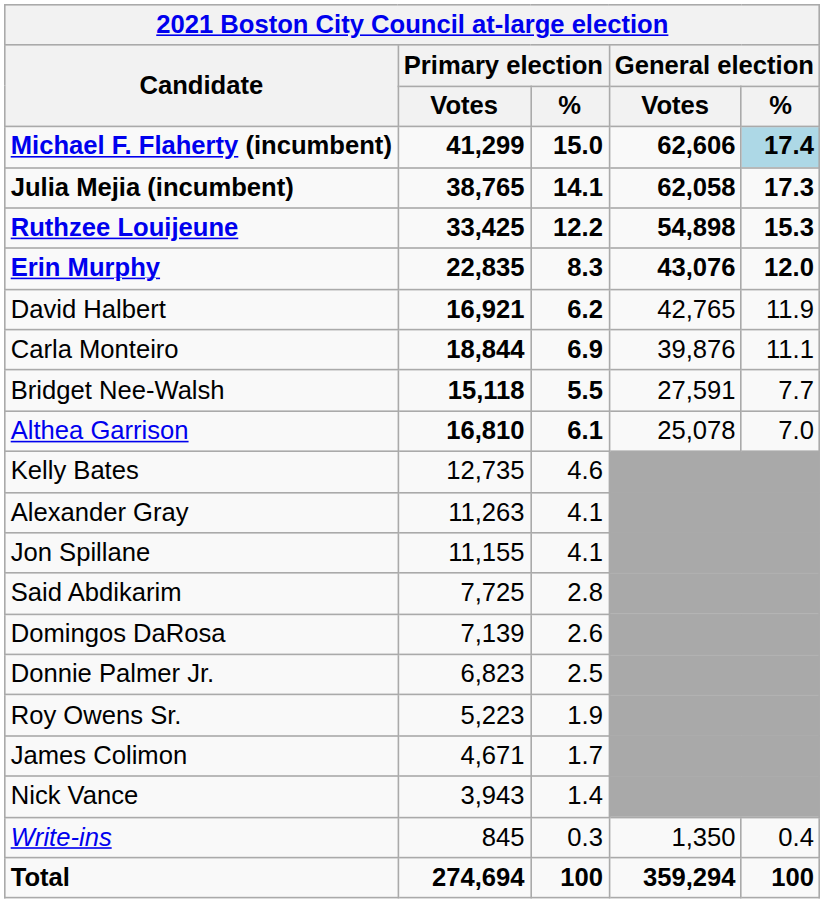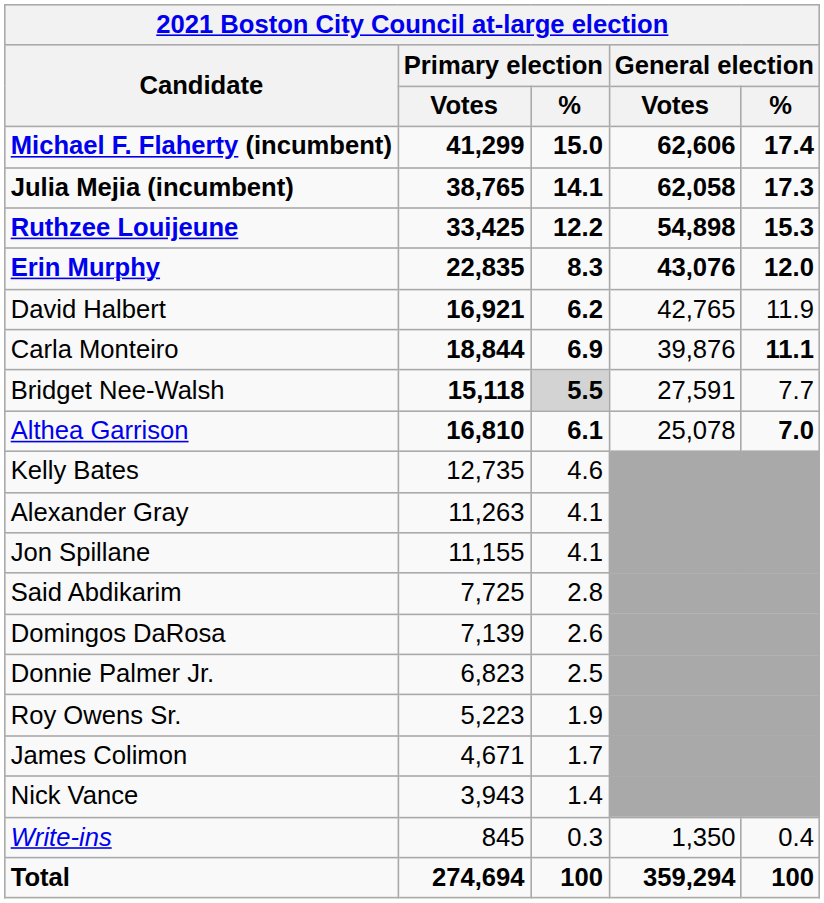 <table class=wikitable>
 <tr>
 <th colspan=5><a href='#'>2021 Boston City Council at-large election</a></th>
 </tr>
 <tr>
 <th colspan=1 rowspan=2>Candidate</th>
 <th colspan=2><strong>Primary election</strong></th>
 <th colspan=2><strong>General election</strong></th>
 </tr>
 <tr>
 <th>Votes</th>
 <th>%</th>
 <th>Votes</th>
 <th>%</th>
 </tr>
 <tr>
 <td><strong><a href='#'>Michael F. Flaherty</a> (incumbent)</strong></td>
 <td align="right"><strong>41,299</strong></td>
 <td align="right"><strong>15.0</strong></td>
 <td align="right"><strong>62,606</strong></td>
-<td align="right" style="background: lightblue;"><strong>17.4</strong></td>
+<td align="right"><strong>17.4</strong></td>
 </tr>
 <tr>
 <td><strong>Julia Mejia (incumbent)</strong></td>
 <td align="right"><strong>38,765</strong></td>
 <td align="right"><strong>14.1</strong></td>
 <td align="right"><strong>62,058</strong></td>
 <td align="right"><strong>17.3</strong></td>
 </tr>
 <tr>
 <td><strong><a href='#'>Ruthzee Louijeune</a></strong></td>
 <td align="right"><strong>33,425</strong></td>
 <td align="right"><strong>12.2</strong></td>
 <td align="right"><strong>54,898</strong></td>
 <td align="right"><strong>15.3</strong></td>
 </tr>
 <tr>
 <td><strong><a href='#'>Erin Murphy</a></strong></td>
 <td align="right"><strong>22,835</strong></td>
 <td align="right"><strong>8.3</strong></td>
 <td align="right"><strong>43,076</strong></td>
 <td align="right"><strong>12.0</strong></td>
 </tr>
 <tr>
 <td>David Halbert</td>
 <td align="right"><strong>16,921</strong></td>
 <td align="right"><strong>6.2</strong></td>
 <td align="right">42,765</td>
 <td align="right">11.9</td>
 </tr>
 <tr>
 <td>Carla Monteiro</td>
 <td align="right"><strong>18,844</strong></td>
 <td align="right"><strong>6.9</strong></td>
 <td align="right">39,876</td>
-<td align="right">11.1</td>
+<td align="right"><strong>11.1</strong></td>
 </tr>
 <tr>
 <td>Bridget Nee-Walsh</td>
 <td align="right"><strong>15,118</strong></td>
-<td align="right"><strong>5.5</strong></td>
+<td align="right" style="background: lightgrey;"><strong>5.5</strong></td>
 <td align="right">27,591</td>
 <td align="right">7.7</td>
 </tr>
 <tr>
 <td><a href='#'>Althea Garrison</a></td>
 <td align="right"><strong>16,810</strong></td>
 <td align="right"><strong>6.1</strong></td>
 <td align="right">25,078</td>
-<td align="right">7.0</td>
+<td align="right"><strong>7.0</strong></td>
 </tr>
 <tr>
 <td>Kelly Bates</td>
 <td align="right">12,735</td>
 <td align="right">4.6</td>
 <td colspan=2 bgcolor=darkgray> </td>
 </tr>
 <tr>
 <td>Alexander Gray</td>
 <td align="right">11,263</td>
 <td align="right">4.1</td>
 <td colspan=2 bgcolor=darkgray> </td>
 </tr>
 <tr>
 <td>Jon Spillane</td>
 <td align="right">11,155</td>
 <td align="right">4.1</td>
 <td colspan=2 bgcolor=darkgray> </td>
 </tr>
 <tr>
 <td>Said Abdikarim</td>
 <td align="right">7,725</td>
 <td align="right">2.8</td>
 <td colspan=2 bgcolor=darkgray> </td>
 </tr>
 <tr>
 <td>Domingos DaRosa</td>
 <td align="right">7,139</td>
 <td align="right">2.6</td>
 <td colspan=2 bgcolor=darkgray> </td>
 </tr>
 <tr>
 <td>Donnie Palmer Jr.</td>
 <td align="right">6,823</td>
 <td align="right">2.5</td>
 <td colspan=2 bgcolor=darkgray> </td>
 </tr>
 <tr>
 <td>Roy Owens Sr.</td>
 <td align="right">5,223</td>
 <td align="right">1.9</td>
 <td colspan=2 bgcolor=darkgray> </td>
 </tr>
 <tr>
 <td>James Colimon</td>
 <td align="right">4,671</td>
 <td align="right">1.7</td>
 <td colspan=2 bgcolor=darkgray> </td>
 </tr>
 <tr>
 <td>Nick Vance</td>
 <td align="right">3,943</td>
 <td align="right">1.4</td>
 <td colspan=2 bgcolor=darkgray> </td>
 </tr>
 <tr>
 <td><em><a href='#'>Write-ins</a></em></td>
 <td align="right">845</td>
 <td align="right">0.3</td>
 <td align="right">1,350</td>
 <td align="right">0.4</td>
 </tr>
 <tr>
 <td><strong>Total</strong></td>
 <td align="right"><strong>274,694</strong></td>
 <td align="right"><strong>100</strong></td>
 <td align="right"><strong>359,294</strong></td>
 <td align="right"><strong>100</strong></td>
 </tr>
 </table>
